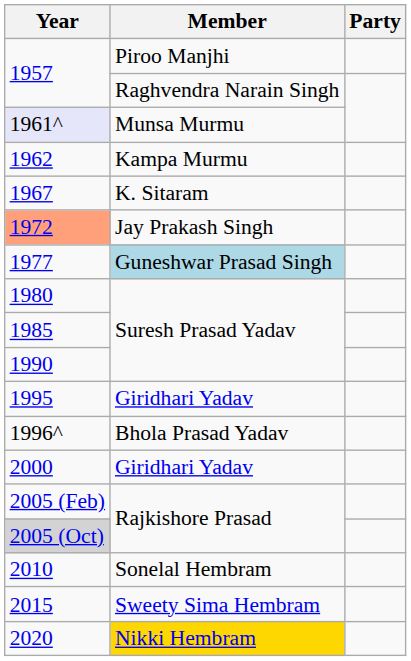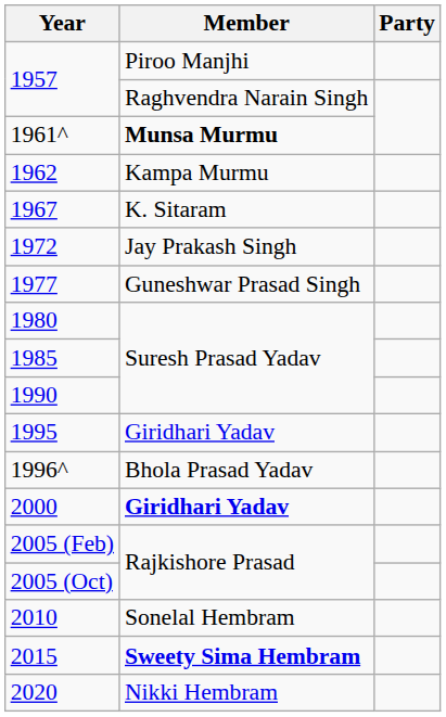 <table class="wikitable sortable">
 <tr>
 <th>Year</th>
 <th>Member</th>
 <th colspan="2">Party</th>
 </tr>
 <tr>
 <td rowspan="2"><a href='#'>1957</a></td>
 <td>Piroo Manjhi</td>
 <td></td>
 </tr>
 <tr>
 <td>Raghvendra Narain Singh</td>
 </tr>
 <tr>
-<td style="background: lavender;">1961^</td>
-<td>Munsa Murmu</td>
+<td>1961^</td>
+<td><strong>Munsa Murmu</strong></td>
 </tr>
 <tr>
 <td><a href='#'>1962</a></td>
 <td>Kampa Murmu</td>
 <td></td>
 </tr>
 <tr>
 <td><a href='#'>1967</a></td>
 <td>K. Sitaram</td>
 <td></td>
 </tr>
 <tr>
-<td style="background: lightsalmon;"><a href='#'>1972</a></td>
+<td><a href='#'>1972</a></td>
 <td>Jay Prakash Singh</td>
 <td></td>
 </tr>
 <tr>
 <td><a href='#'>1977</a></td>
-<td style="background: lightblue;">Guneshwar Prasad Singh</td>
+<td>Guneshwar Prasad Singh</td>
 <td></td>
 </tr>
 <tr>
 <td><a href='#'>1980</a></td>
 <td rowspan="3">Suresh Prasad Yadav</td>
 <td></td>
 </tr>
 <tr>
 <td><a href='#'>1985</a></td>
 <td></td>
 </tr>
 <tr>
 <td><a href='#'>1990</a></td>
 <td></td>
 </tr>
 <tr>
 <td><a href='#'>1995</a></td>
 <td><a href='#'>Giridhari Yadav</a></td>
 <td></td>
 </tr>
 <tr>
 <td>1996^</td>
 <td>Bhola Prasad Yadav</td>
 </tr>
 <tr>
 <td><a href='#'>2000</a></td>
-<td><a href='#'>Giridhari Yadav</a></td>
+<td><strong><a href='#'>Giridhari Yadav</a></strong></td>
 <td></td>
 </tr>
 <tr>
 <td><a href='#'>2005 (Feb)</a></td>
 <td rowspan="2">Rajkishore Prasad</td>
 <td></td>
 </tr>
 <tr>
-<td style="background: lightgrey;"><a href='#'>2005 (Oct)</a></td>
+<td><a href='#'>2005 (Oct)</a></td>
 <td></td>
 </tr>
 <tr>
 <td><a href='#'>2010</a></td>
 <td>Sonelal Hembram</td>
 <td></td>
 </tr>
 <tr>
 <td><a href='#'>2015</a></td>
-<td><a href='#'>Sweety Sima Hembram</a></td>
+<td><strong><a href='#'>Sweety Sima Hembram</a></strong></td>
 <td></td>
 </tr>
 <tr>
 <td><a href='#'>2020</a></td>
-<td style="background: gold;"><a href='#'>Nikki Hembram</a></td>
+<td><a href='#'>Nikki Hembram</a></td>
 <td></td>
 </tr>
 </table>
